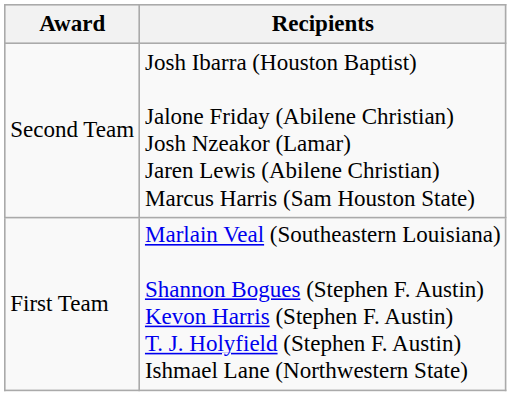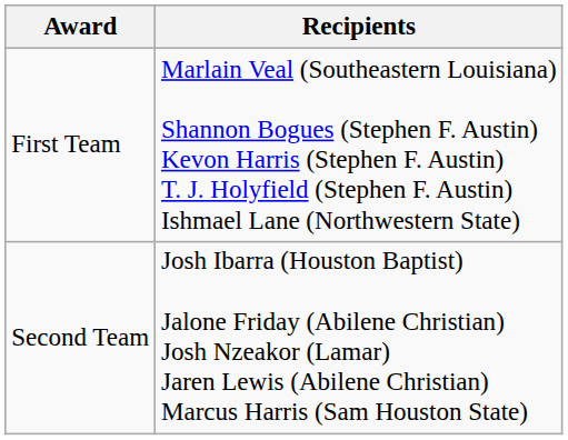 <table class="wikitable" style="white-space:nowrap; font-size:90%;">
 <tr>
 <th>Award</th>
 <th>Recipients</th>
 </tr>
 <tr>
+<td>First Team</td>
+<td><a href='#'>Marlain Veal</a> (Southeastern Louisiana)<br><br><a href='#'>Shannon Bogues</a> (Stephen F. Austin)<br> <a href='#'>Kevon Harris</a> (Stephen F. Austin)<br> <a href='#'>T. J. Holyfield</a> (Stephen F. Austin)<br> Ishmael Lane (Northwestern State)</td>
+</tr>
+<tr>
 <td>Second Team</td>
 <td>Josh Ibarra (Houston Baptist)<br><br>Jalone Friday (Abilene Christian)<br> Josh Nzeakor (Lamar)<br> Jaren Lewis (Abilene Christian)<br> Marcus Harris (Sam Houston State)</td>
 </tr>
-<tr>
-<td>First Team</td>
-<td><a href='#'>Marlain Veal</a> (Southeastern Louisiana)<br><br><a href='#'>Shannon Bogues</a> (Stephen F. Austin)<br> <a href='#'>Kevon Harris</a> (Stephen F. Austin)<br> <a href='#'>T. J. Holyfield</a> (Stephen F. Austin)<br> Ishmael Lane (Northwestern State)</td>
-</tr>
 </table>
